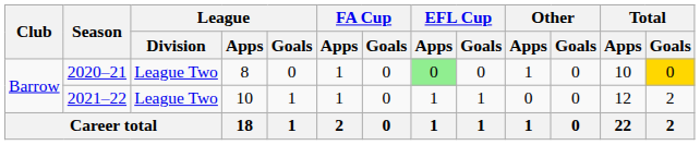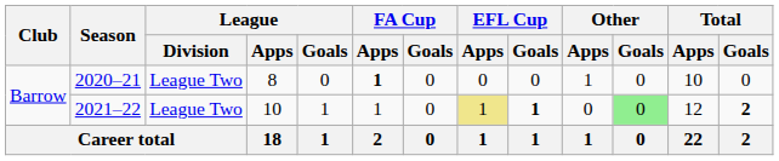 <table class="wikitable" style="text-align: center">
 <tr>
 <th rowspan="2">Club</th>
 <th rowspan="2">Season</th>
 <th colspan="3">League</th>
 <th colspan="2"><a href='#'>FA Cup</a></th>
 <th colspan="2"><a href='#'>EFL Cup</a></th>
 <th colspan="2">Other</th>
 <th colspan="2">Total</th>
 </tr>
 <tr>
 <th>Division</th>
 <th>Apps</th>
 <th>Goals</th>
 <th>Apps</th>
 <th>Goals</th>
 <th>Apps</th>
 <th>Goals</th>
 <th>Apps</th>
 <th>Goals</th>
 <th>Apps</th>
 <th>Goals</th>
 </tr>
 <tr>
 <td rowspan="2"><a href='#'>Barrow</a></td>
 <td><a href='#'>2020–21</a></td>
 <td><a href='#'>League Two</a></td>
 <td>8</td>
 <td>0</td>
-<td>1</td>
+<td><strong>1</strong></td>
 <td>0</td>
-<td style="background: lightgreen;">0</td>
+<td>0</td>
 <td>0</td>
 <td>1</td>
 <td>0</td>
 <td>10</td>
-<td style="background: gold;">0</td>
+<td>0</td>
 </tr>
 <tr>
 <td><a href='#'>2021–22</a></td>
 <td><a href='#'>League Two</a></td>
 <td>10</td>
 <td>1</td>
 <td>1</td>
 <td>0</td>
-<td>1</td>
-<td>1</td>
+<td style="background: khaki;">1</td>
+<td><strong>1</strong></td>
 <td>0</td>
-<td>0</td>
+<td style="background: lightgreen;">0</td>
 <td>12</td>
-<td>2</td>
+<td><strong>2</strong></td>
 </tr>
 <tr>
 <th colspan="3">Career total</th>
 <th>18</th>
 <th>1</th>
 <th>2</th>
 <th>0</th>
 <th>1</th>
 <th>1</th>
 <th>1</th>
 <th>0</th>
 <th>22</th>
 <th>2</th>
 </tr>
 </table>
